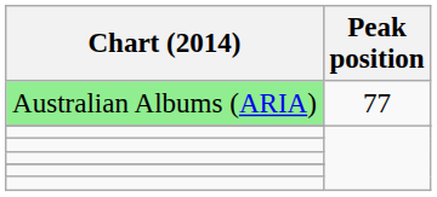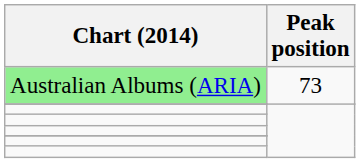 <table class="wikitable sortable">
 <tr>
 <th>Chart (2014)</th>
 <th>Peak<br>position</th>
 </tr>
 <tr>
 <td style="background: lightgreen;">Australian Albums (<a href='#'>ARIA</a>)</td>
-<td style="text-align:center;">77</td>
+<td style="text-align:center;">73</td>
 </tr>
 <tr>
 </tr>
 <tr>
 <td></td>
 </tr>
 <tr>
 <td></td>
 </tr>
 <tr>
 <td></td>
 </tr>
 <tr>
 </tr>
 <tr>
 <td></td>
 </tr>
 <tr>
 <td></td>
 </tr>
 </table>
